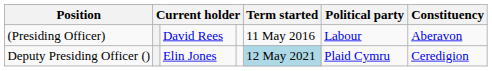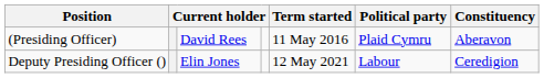 <table class="wikitable">
 <tr>
 <th>Position</th>
 <th colspan=3>Current holder</th>
 <th>Term started</th>
 <th width=100>Political party</th>
 <th>Constituency</th>
 </tr>
 <tr>
 <td> (Presiding Officer)</td>
 <th style="background-color: "></th>
 <td><a href='#'>David Rees</a> </td>
 <td></td>
 <td>11 May 2016</td>
-<td><a href='#'>Labour</a></td>
+<td><a href='#'>Plaid Cymru</a></td>
 <td><a href='#'>Aberavon</a></td>
 </tr>
 <tr>
 <td>Deputy Presiding Officer ()</td>
 <th style="background-color: "></th>
 <td><a href='#'>Elin Jones</a> </td>
 <td></td>
-<td style="background: lightblue;">12 May 2021</td>
-<td><a href='#'>Plaid Cymru</a></td>
+<td>12 May 2021</td>
+<td><a href='#'>Labour</a></td>
 <td><a href='#'>Ceredigion</a></td>
 </tr>
 </table>
